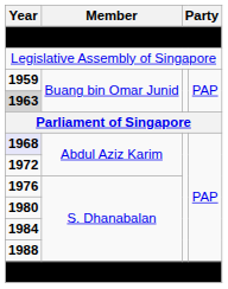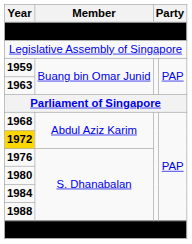 <table class="wikitable" align="center" style="text-align:center">
 <tr>
 <th>Year</th>
 <th>Member</th>
 <th colspan="2">Party</th>
 </tr>
 <tr>
 <td colspan=4 bgcolor=black><span><strong>Formation</strong></span></td>
 </tr>
 <tr>
 <td colspan="4"><a href='#'>Legislative Assembly of Singapore</a></td>
 </tr>
 <tr>
 <td><strong>1959</strong></td>
 <td rowspan="2"><a href='#'>Buang bin Omar Junid</a></td>
 <td rowspan="2"></td>
 <td rowspan="2"><a href='#'>PAP</a></td>
 </tr>
 <tr>
-<td style="background: lightgrey;"><strong>1963</strong></td>
+<td><strong>1963</strong></td>
 </tr>
 <tr>
 <th colspan="4"><a href='#'>Parliament of Singapore</a></th>
 </tr>
 <tr>
-<td style="background: lavender;"><strong>1968</strong></td>
+<td><strong>1968</strong></td>
 <td rowspan="2"><a href='#'>Abdul Aziz Karim</a></td>
 <td rowspan="6"></td>
 <td rowspan="6"><a href='#'>PAP</a></td>
 </tr>
 <tr>
-<td><strong>1972</strong></td>
+<td style="background: gold;"><strong>1972</strong></td>
 </tr>
 <tr>
 <td><strong>1976</strong></td>
 <td rowspan="4"><a href='#'>S. Dhanabalan</a></td>
 </tr>
 <tr>
 <td><strong>1980</strong></td>
 </tr>
 <tr>
 <td><strong>1984</strong></td>
 </tr>
 <tr>
 <td><strong>1988</strong></td>
 </tr>
 <tr>
 <td colspan=4 bgcolor=black><span><strong>Constituency abolished (1991)</strong></span></td>
 </tr>
 </table>
